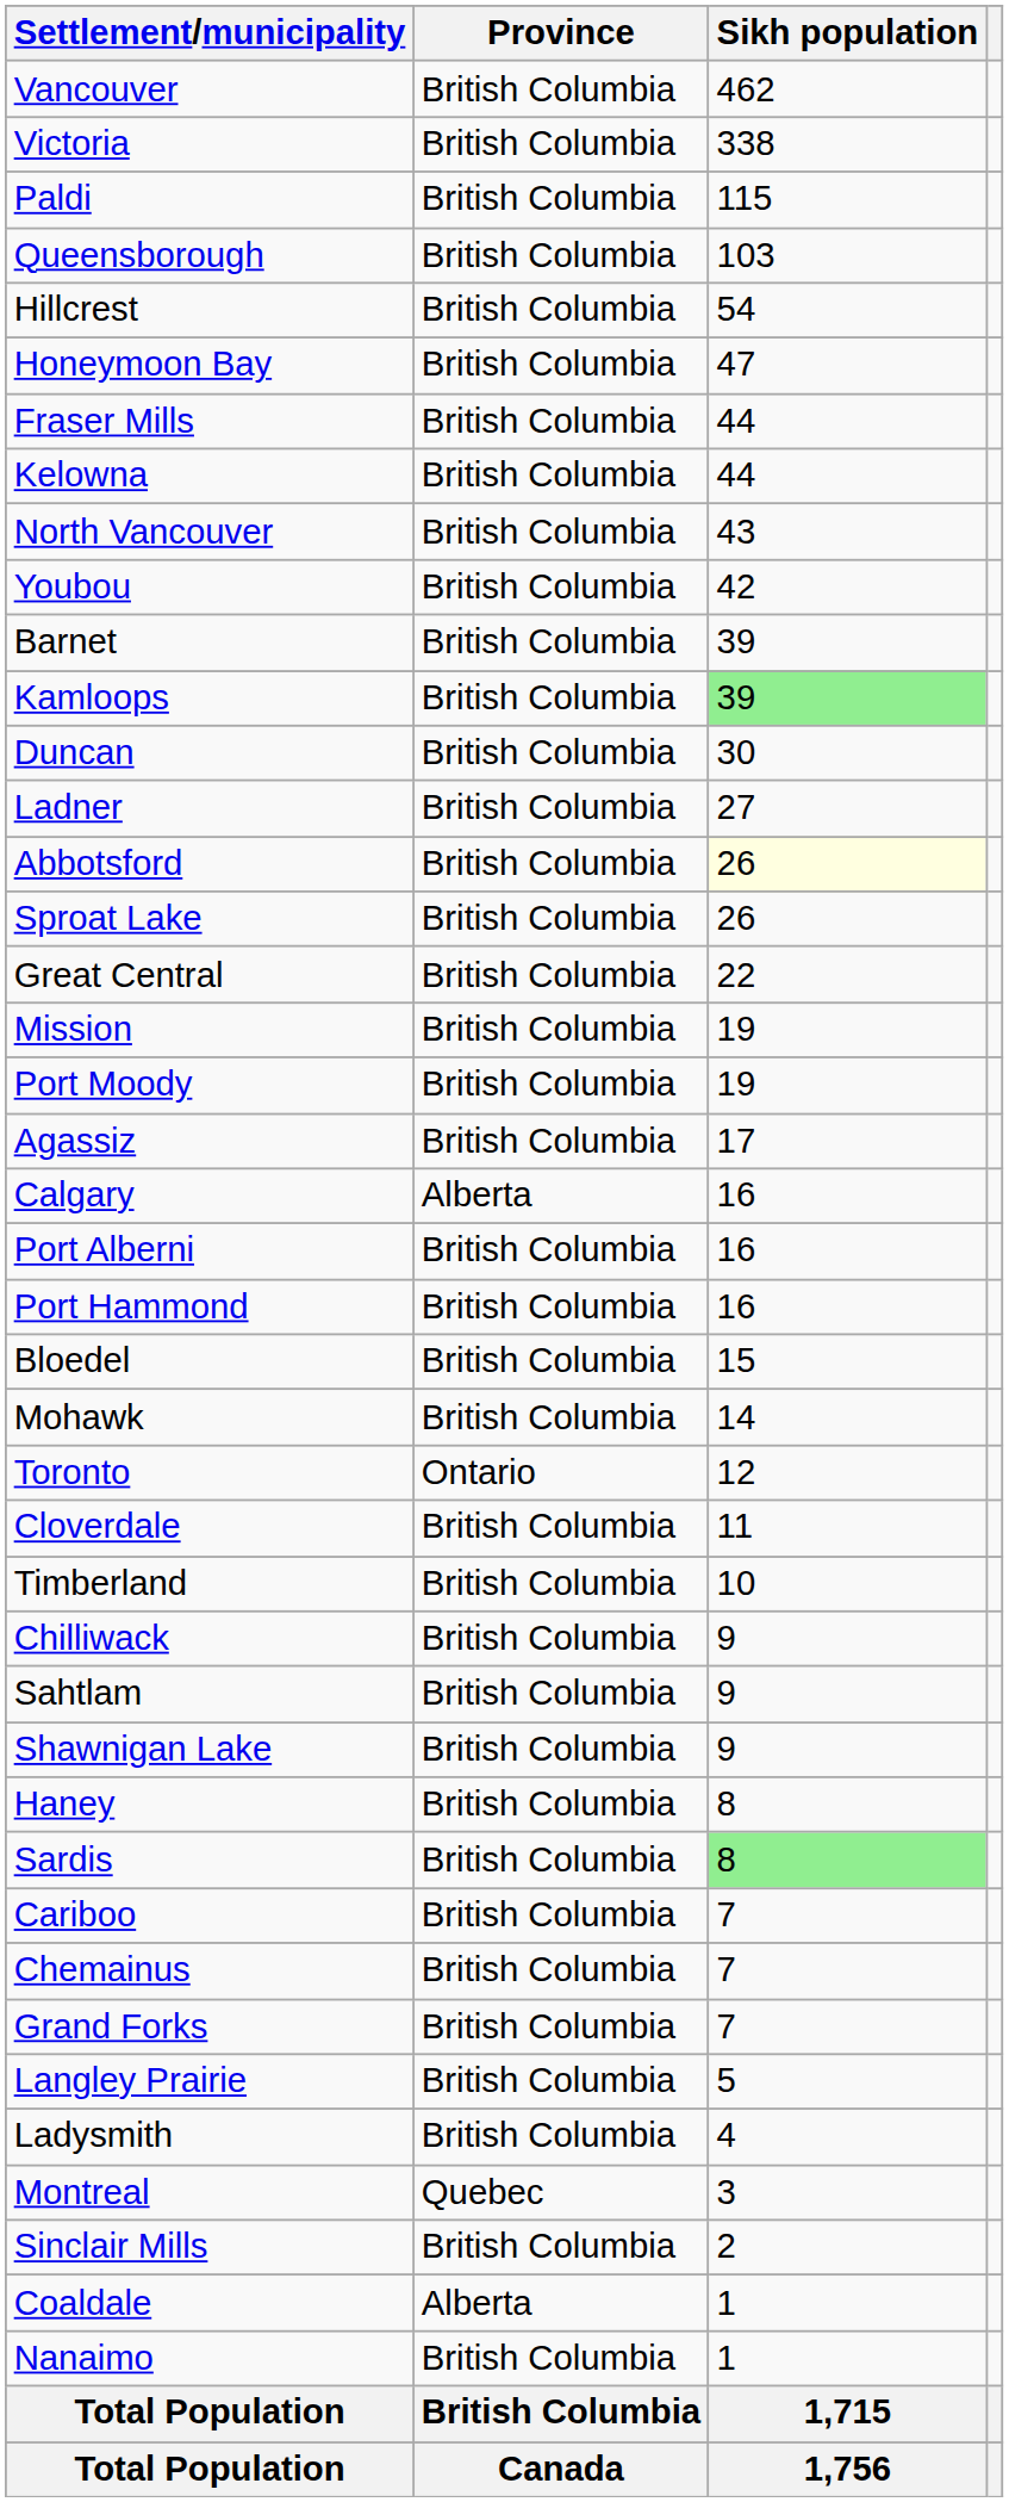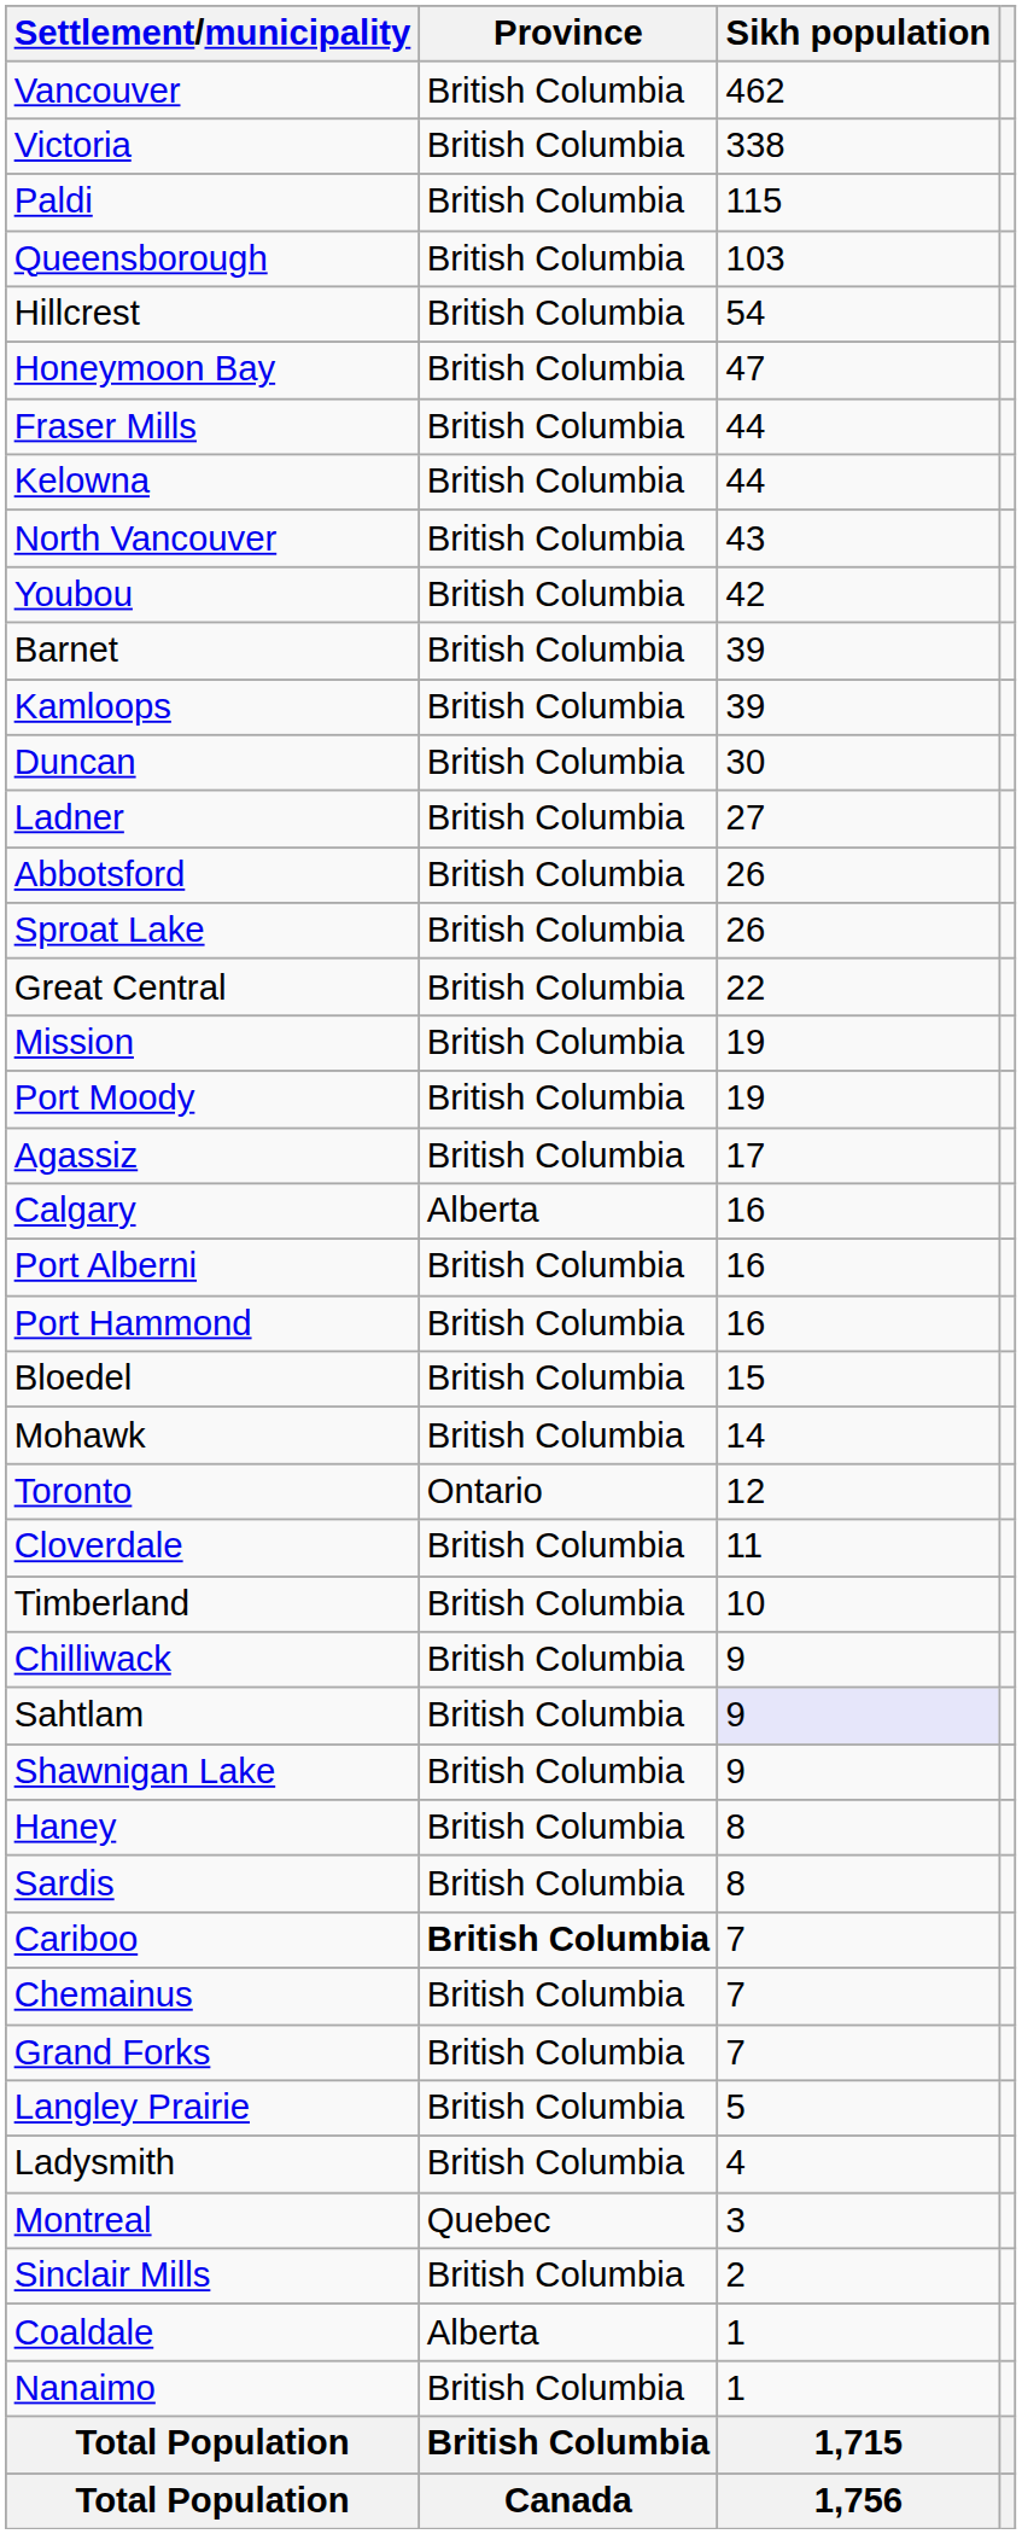 <table class="wikitable sortable">
 <tr>
 <th><a href='#'>Settlement</a>/<a href='#'>municipality</a></th>
 <th>Province</th>
 <th>Sikh population</th>
 <th></th>
 </tr>
 <tr>
 <td><a href='#'>Vancouver</a></td>
 <td>British Columbia</td>
 <td>462</td>
 <td></td>
 </tr>
 <tr>
 <td><a href='#'>Victoria</a></td>
 <td>British Columbia</td>
 <td>338</td>
 <td></td>
 </tr>
 <tr>
 <td><a href='#'>Paldi</a></td>
 <td>British Columbia</td>
 <td>115</td>
 <td></td>
 </tr>
 <tr>
 <td><a href='#'>Queensborough</a></td>
 <td>British Columbia</td>
 <td>103</td>
 <td></td>
 </tr>
 <tr>
 <td>Hillcrest</td>
 <td>British Columbia</td>
 <td>54</td>
 <td></td>
 </tr>
 <tr>
 <td><a href='#'>Honeymoon Bay</a></td>
 <td>British Columbia</td>
 <td>47</td>
 <td></td>
 </tr>
 <tr>
 <td><a href='#'>Fraser Mills</a></td>
 <td>British Columbia</td>
 <td>44</td>
 <td></td>
 </tr>
 <tr>
 <td><a href='#'>Kelowna</a></td>
 <td>British Columbia</td>
 <td>44</td>
 <td></td>
 </tr>
 <tr>
 <td><a href='#'>North Vancouver</a></td>
 <td>British Columbia</td>
 <td>43</td>
 <td></td>
 </tr>
 <tr>
 <td><a href='#'>Youbou</a></td>
 <td>British Columbia</td>
 <td>42</td>
 <td></td>
 </tr>
 <tr>
 <td>Barnet</td>
 <td>British Columbia</td>
 <td>39</td>
 <td></td>
 </tr>
 <tr>
 <td><a href='#'>Kamloops</a></td>
 <td>British Columbia</td>
-<td style="background: lightgreen;">39</td>
+<td>39</td>
 <td></td>
 </tr>
 <tr>
 <td><a href='#'>Duncan</a></td>
 <td>British Columbia</td>
 <td>30</td>
 <td></td>
 </tr>
 <tr>
 <td><a href='#'>Ladner</a></td>
 <td>British Columbia</td>
 <td>27</td>
 <td></td>
 </tr>
 <tr>
 <td><a href='#'>Abbotsford</a></td>
 <td>British Columbia</td>
-<td style="background: lightyellow;">26</td>
+<td>26</td>
 <td></td>
 </tr>
 <tr>
 <td><a href='#'>Sproat Lake</a></td>
 <td>British Columbia</td>
 <td>26</td>
 <td></td>
 </tr>
 <tr>
 <td>Great Central</td>
 <td>British Columbia</td>
 <td>22</td>
 <td></td>
 </tr>
 <tr>
 <td><a href='#'>Mission</a></td>
 <td>British Columbia</td>
 <td>19</td>
 <td></td>
 </tr>
 <tr>
 <td><a href='#'>Port Moody</a></td>
 <td>British Columbia</td>
 <td>19</td>
 <td></td>
 </tr>
 <tr>
 <td><a href='#'>Agassiz</a></td>
 <td>British Columbia</td>
 <td>17</td>
 <td></td>
 </tr>
 <tr>
 <td><a href='#'>Calgary</a></td>
 <td>Alberta</td>
 <td>16</td>
 <td></td>
 </tr>
 <tr>
 <td><a href='#'>Port Alberni</a></td>
 <td>British Columbia</td>
 <td>16</td>
 <td></td>
 </tr>
 <tr>
 <td><a href='#'>Port Hammond</a></td>
 <td>British Columbia</td>
 <td>16</td>
 <td></td>
 </tr>
 <tr>
 <td>Bloedel</td>
 <td>British Columbia</td>
 <td>15</td>
 <td></td>
 </tr>
 <tr>
 <td>Mohawk</td>
 <td>British Columbia</td>
 <td>14</td>
 <td></td>
 </tr>
 <tr>
 <td><a href='#'>Toronto</a></td>
 <td>Ontario</td>
 <td>12</td>
 <td></td>
 </tr>
 <tr>
 <td><a href='#'>Cloverdale</a></td>
 <td>British Columbia</td>
 <td>11</td>
 <td></td>
 </tr>
 <tr>
 <td>Timberland</td>
 <td>British Columbia</td>
 <td>10</td>
 <td></td>
 </tr>
 <tr>
 <td><a href='#'>Chilliwack</a></td>
 <td>British Columbia</td>
 <td>9</td>
 <td></td>
 </tr>
 <tr>
 <td>Sahtlam</td>
 <td>British Columbia</td>
-<td>9</td>
+<td style="background: lavender;">9</td>
 <td></td>
 </tr>
 <tr>
 <td><a href='#'>Shawnigan Lake</a></td>
 <td>British Columbia</td>
 <td>9</td>
 <td></td>
 </tr>
 <tr>
 <td><a href='#'>Haney</a></td>
 <td>British Columbia</td>
 <td>8</td>
 <td></td>
 </tr>
 <tr>
 <td><a href='#'>Sardis</a></td>
 <td>British Columbia</td>
-<td style="background: lightgreen;">8</td>
+<td>8</td>
 <td></td>
 </tr>
 <tr>
 <td><a href='#'>Cariboo</a></td>
-<td>British Columbia</td>
+<td><strong>British Columbia</strong></td>
 <td>7</td>
 <td></td>
 </tr>
 <tr>
 <td><a href='#'>Chemainus</a></td>
 <td>British Columbia</td>
 <td>7</td>
 <td></td>
 </tr>
 <tr>
 <td><a href='#'>Grand Forks</a></td>
 <td>British Columbia</td>
 <td>7</td>
 <td></td>
 </tr>
 <tr>
 <td><a href='#'>Langley Prairie</a></td>
 <td>British Columbia</td>
 <td>5</td>
 <td></td>
 </tr>
 <tr>
 <td>Ladysmith</td>
 <td>British Columbia</td>
 <td>4</td>
 <td></td>
 </tr>
 <tr>
 <td><a href='#'>Montreal</a></td>
 <td>Quebec</td>
 <td>3</td>
 <td></td>
 </tr>
 <tr>
 <td><a href='#'>Sinclair Mills</a></td>
 <td>British Columbia</td>
 <td>2</td>
 <td></td>
 </tr>
 <tr>
 <td><a href='#'>Coaldale</a></td>
 <td>Alberta</td>
 <td>1</td>
 <td></td>
 </tr>
 <tr>
 <td><a href='#'>Nanaimo</a></td>
 <td>British Columbia</td>
 <td>1</td>
 <td></td>
 </tr>
 <tr>
 <th>Total Population</th>
 <th>British Columbia</th>
 <th>1,715</th>
 <th></th>
 </tr>
 <tr>
 <th>Total Population</th>
 <th>Canada</th>
 <th>1,756</th>
 <th></th>
 </tr>
 </table>
